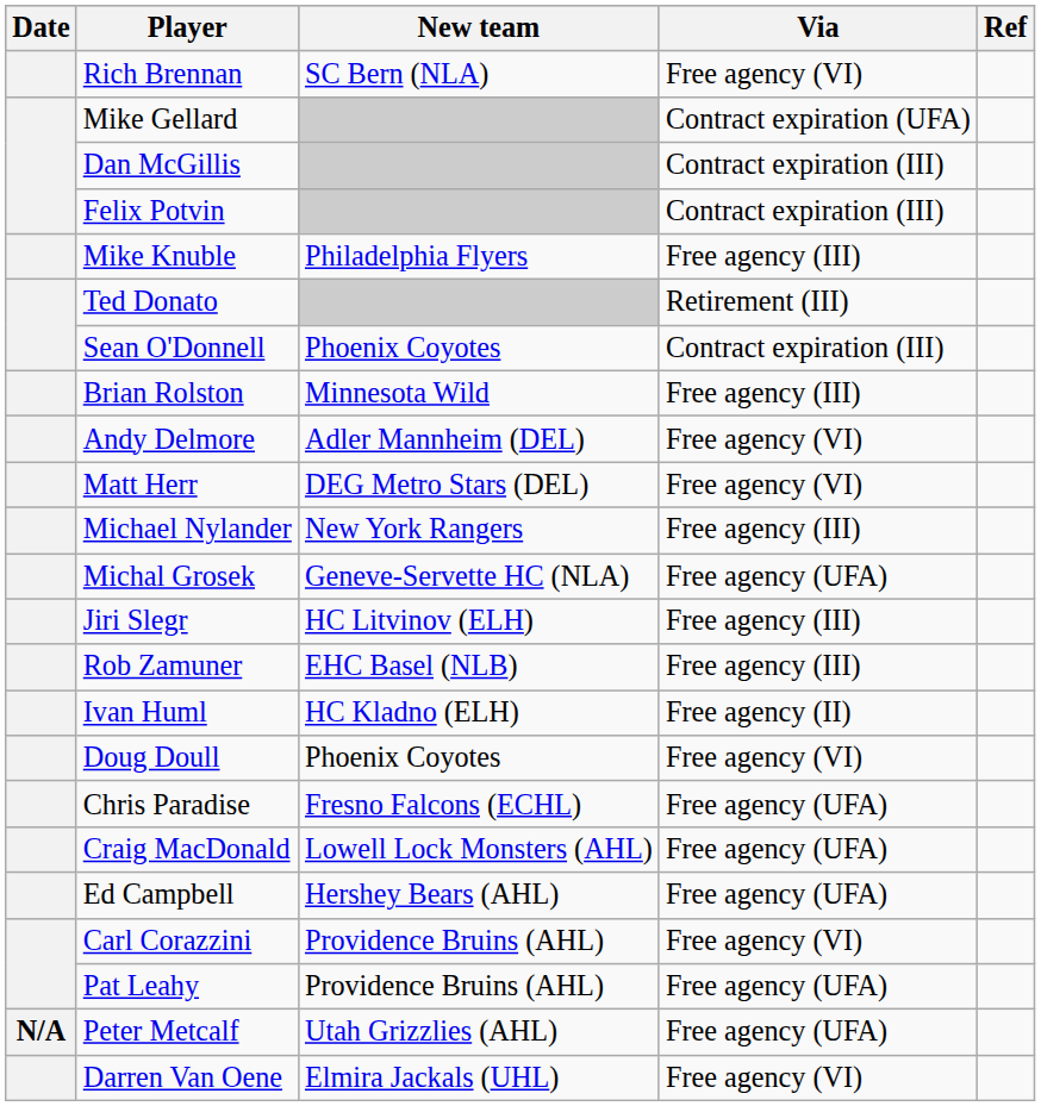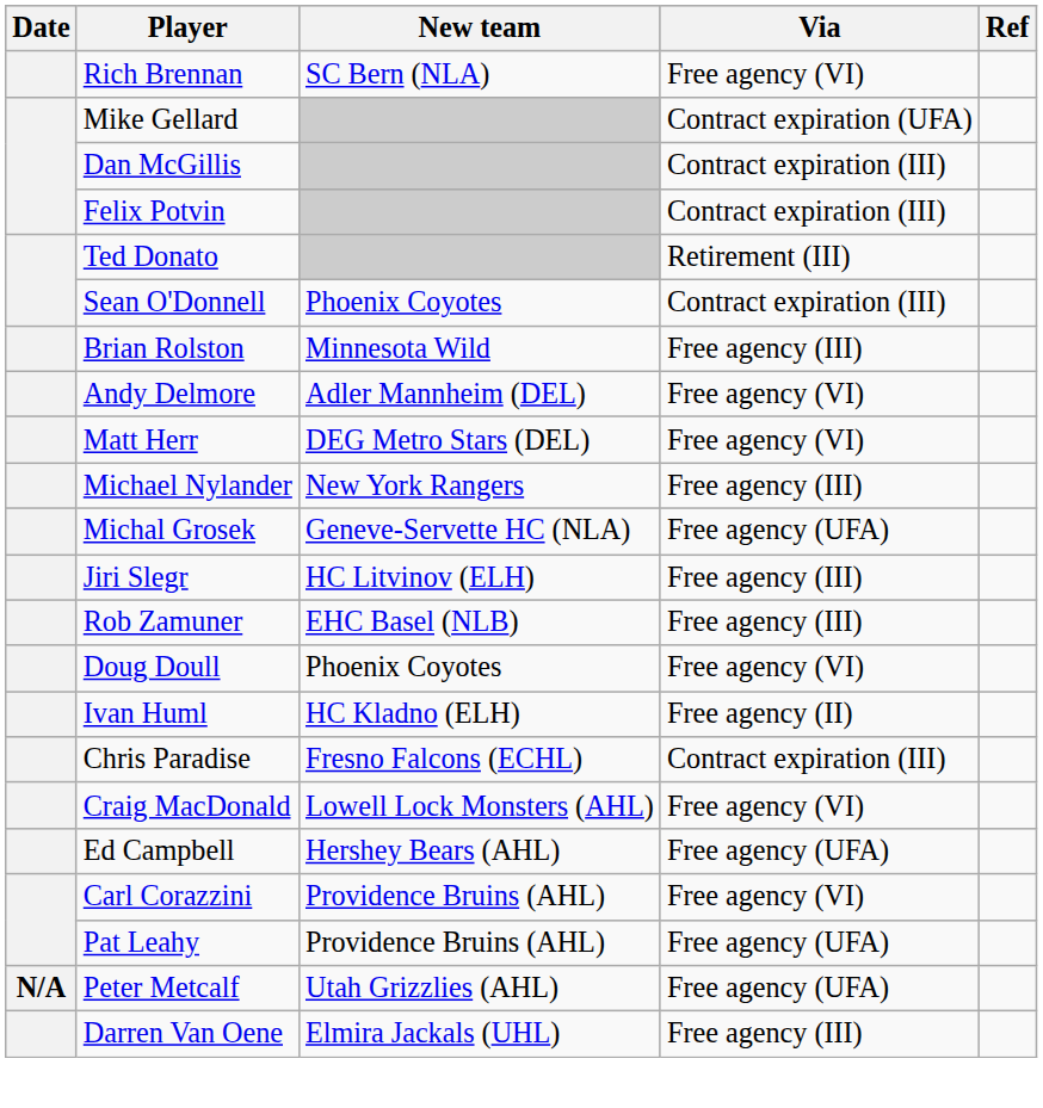 <table class="wikitable plainrowheaders">
 <tr style="background:#ddd; text-align:center;">
 <th>Date</th>
 <th>Player</th>
 <th>New team</th>
 <th>Via</th>
 <th>Ref</th>
 </tr>
 <tr>
 <th scope="row"></th>
 <td><a href='#'>Rich Brennan</a></td>
 <td><a href='#'>SC Bern</a> (<a href='#'>NLA</a>)</td>
 <td>Free agency (VI)</td>
 <td></td>
 </tr>
 <tr>
 <th scope="row" rowspan=3></th>
 <td>Mike Gellard</td>
 <td style="background:#ccc"></td>
 <td>Contract expiration (UFA)</td>
 <td></td>
 </tr>
 <tr>
 <td><a href='#'>Dan McGillis</a></td>
 <td style="background:#ccc"></td>
 <td>Contract expiration (III)</td>
 <td></td>
 </tr>
 <tr>
 <td><a href='#'>Felix Potvin</a></td>
 <td style="background:#ccc"></td>
 <td>Contract expiration (III)</td>
-<td></td>
-</tr>
-<tr>
-<th scope="row"></th>
-<td><a href='#'>Mike Knuble</a></td>
-<td><a href='#'>Philadelphia Flyers</a></td>
-<td>Free agency (III)</td>
 <td></td>
 </tr>
 <tr>
 <th scope="row" rowspan=2></th>
 <td><a href='#'>Ted Donato</a></td>
 <td style="background:#ccc"></td>
 <td>Retirement (III)</td>
 <td></td>
 </tr>
 <tr>
 <td><a href='#'>Sean O'Donnell</a></td>
 <td><a href='#'>Phoenix Coyotes</a></td>
 <td>Contract expiration (III)</td>
 <td></td>
 </tr>
 <tr>
 <th scope="row"></th>
 <td><a href='#'>Brian Rolston</a></td>
 <td><a href='#'>Minnesota Wild</a></td>
 <td>Free agency (III)</td>
 <td></td>
 </tr>
 <tr>
 <th scope="row"></th>
 <td><a href='#'>Andy Delmore</a></td>
 <td><a href='#'>Adler Mannheim</a> (<a href='#'>DEL</a>)</td>
 <td>Free agency (VI)</td>
 <td></td>
 </tr>
 <tr>
 <th scope="row"></th>
 <td><a href='#'>Matt Herr</a></td>
 <td><a href='#'>DEG Metro Stars</a> (DEL)</td>
 <td>Free agency (VI)</td>
 <td></td>
 </tr>
 <tr>
 <th scope="row"></th>
 <td><a href='#'>Michael Nylander</a></td>
 <td><a href='#'>New York Rangers</a></td>
 <td>Free agency (III)</td>
 <td></td>
 </tr>
 <tr>
 <th scope="row"></th>
 <td><a href='#'>Michal Grosek</a></td>
 <td><a href='#'>Geneve-Servette HC</a> (NLA)</td>
 <td>Free agency (UFA)</td>
 <td></td>
 </tr>
 <tr>
 <th scope="row"></th>
 <td><a href='#'>Jiri Slegr</a></td>
 <td><a href='#'>HC Litvinov</a> (<a href='#'>ELH</a>)</td>
 <td>Free agency (III)</td>
 <td></td>
 </tr>
 <tr>
 <th scope="row"></th>
 <td><a href='#'>Rob Zamuner</a></td>
 <td><a href='#'>EHC Basel</a> (<a href='#'>NLB</a>)</td>
 <td>Free agency (III)</td>
 <td></td>
 </tr>
 <tr>
 <th scope="row"></th>
+<td><a href='#'>Doug Doull</a></td>
+<td>Phoenix Coyotes</td>
+<td>Free agency (VI)</td>
+<td></td>
+</tr>
+<tr>
+<th scope="row"></th>
 <td><a href='#'>Ivan Huml</a></td>
 <td><a href='#'>HC Kladno</a> (ELH)</td>
 <td>Free agency (II)</td>
 <td></td>
 </tr>
 <tr>
 <th scope="row"></th>
-<td><a href='#'>Doug Doull</a></td>
-<td>Phoenix Coyotes</td>
-<td>Free agency (VI)</td>
-<td></td>
-</tr>
-<tr>
-<th scope="row"></th>
 <td>Chris Paradise</td>
 <td><a href='#'>Fresno Falcons</a> (<a href='#'>ECHL</a>)</td>
-<td>Free agency (UFA)</td>
+<td>Contract expiration (III)</td>
 <td></td>
 </tr>
 <tr>
 <th scope="row"></th>
 <td><a href='#'>Craig MacDonald</a></td>
 <td><a href='#'>Lowell Lock Monsters</a> (<a href='#'>AHL</a>)</td>
-<td>Free agency (UFA)</td>
+<td>Free agency (VI)</td>
 <td></td>
 </tr>
 <tr>
 <th scope="row"></th>
 <td>Ed Campbell</td>
 <td><a href='#'>Hershey Bears</a> (AHL)</td>
 <td>Free agency (UFA)</td>
 <td></td>
 </tr>
 <tr>
 <th scope="row" rowspan=2></th>
 <td><a href='#'>Carl Corazzini</a></td>
 <td><a href='#'>Providence Bruins</a> (AHL)</td>
 <td>Free agency (VI)</td>
 <td></td>
 </tr>
 <tr>
 <td><a href='#'>Pat Leahy</a></td>
 <td>Providence Bruins (AHL)</td>
 <td>Free agency (UFA)</td>
 <td></td>
 </tr>
 <tr>
 <th scope="row">N/A</th>
 <td><a href='#'>Peter Metcalf</a></td>
 <td><a href='#'>Utah Grizzlies</a> (AHL)</td>
 <td>Free agency (UFA)</td>
 <td></td>
 </tr>
 <tr>
 <th scope="row"></th>
 <td><a href='#'>Darren Van Oene</a></td>
 <td><a href='#'>Elmira Jackals</a> (<a href='#'>UHL</a>)</td>
-<td>Free agency (VI)</td>
+<td>Free agency (III)</td>
 <td></td>
 </tr>
 </table>
